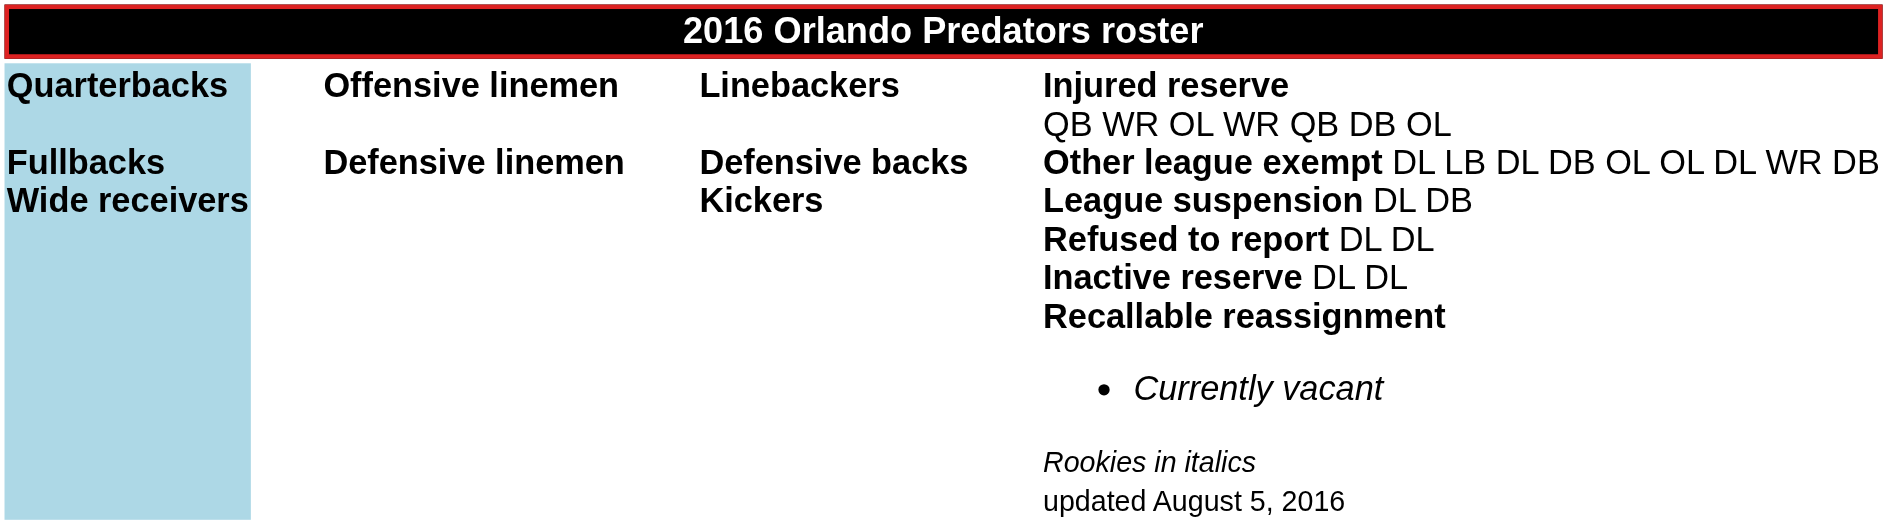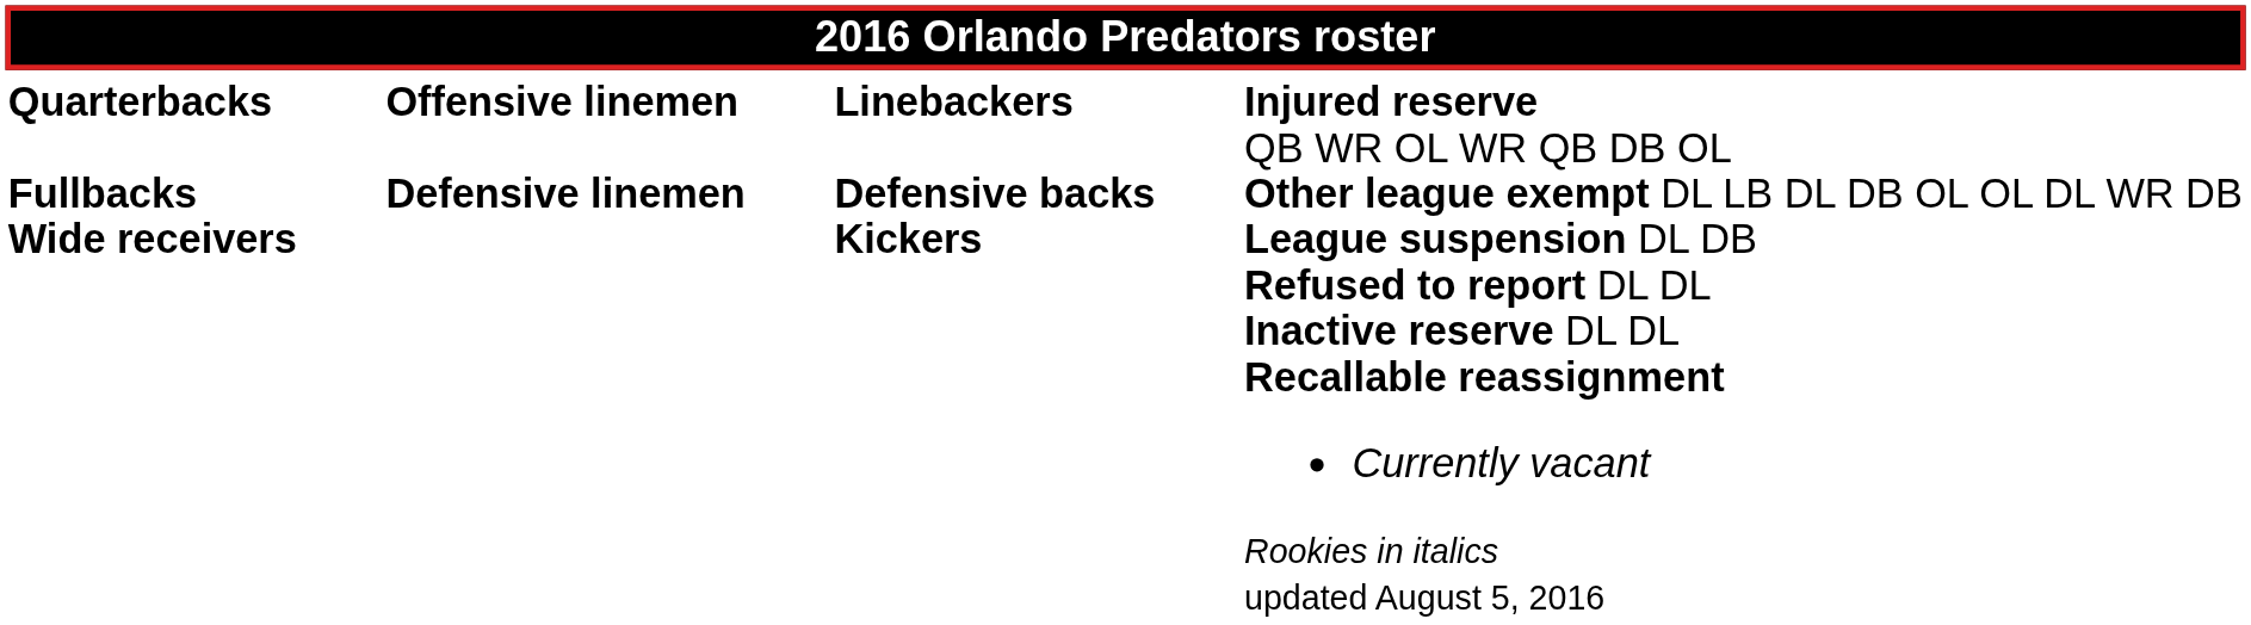 <table class="toccolours" style="text-align: left;">
 <tr>
 <th colspan=7 style="background:black; border: 2px solid #d22; color:white; text-align:center;"><strong>2016 Orlando Predators roster</strong></th>
 </tr>
 <tr>
-<td style="background: lightblue; font-size: 95%;vertical-align:top;"><strong>Quarterbacks</strong><br> <br><strong>Fullbacks</strong> <br><strong>Wide receivers</strong>     </td>
+<td style="font-size: 95%;vertical-align:top;"><strong>Quarterbacks</strong><br> <br><strong>Fullbacks</strong> <br><strong>Wide receivers</strong>     </td>
 <td style="width: 25px;"></td>
 <td style="font-size: 95%;vertical-align:top;"><strong>Offensive linemen</strong><br>    <br><strong>Defensive linemen</strong>    </td>
 <td style="width: 25px;"></td>
 <td style="font-size: 95%;vertical-align:top;"><strong>Linebackers</strong><br> <br><strong>Defensive backs</strong>    <br><strong>Kickers</strong> </td>
 <td style="width: 25px;"></td>
 <td style="font-size: 95%;vertical-align:top;"><strong>Injured reserve</strong><br> QB  WR  OL  WR  QB  DB  OL<br><strong>Other league exempt</strong>  DL  LB  DL  DB  OL  OL  DL  WR  DB<br><strong>League suspension</strong>  DL  DB<br><strong>Refused to report</strong>  DL  DL<br><strong>Inactive reserve</strong>  DL  DL<br><strong>Recallable reassignment</strong><ul><li><em>Currently vacant</em></li></ul><small><em>Rookies in italics</em><br><span></span> updated August 5, 2016</small><br> </td>
 </tr>
 <tr>
 </tr>
 </table>
